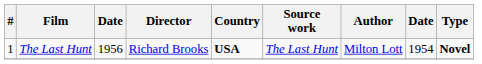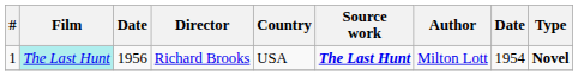 <table class="wikitable">
 <tr>
 <th>#</th>
 <th>Film</th>
 <th>Date</th>
 <th>Director</th>
 <th>Country</th>
 <th>Source<br>work</th>
 <th>Author</th>
 <th>Date</th>
 <th>Type</th>
 </tr>
 <tr>
 <td>1</td>
-<td><em><a href='#'>The Last Hunt</a></em></td>
+<td style="background: paleturquoise;"><em><a href='#'>The Last Hunt</a></em></td>
 <td>1956</td>
 <td><a href='#'>Richard Brooks</a></td>
-<td><strong>USA</strong></td>
-<td><em><a href='#'>The Last Hunt</a></em></td>
+<td>USA</td>
+<td><strong><em><a href='#'>The Last Hunt</a></em></strong></td>
 <td><a href='#'>Milton Lott</a></td>
 <td>1954</td>
 <td><strong>Novel</strong></td>
 </tr>
 <tr>
 </tr>
 </table>
